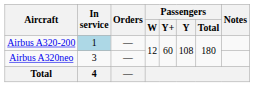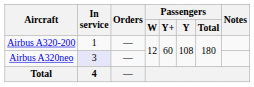 <table class="wikitable" style="margin:0.5em auto; text-align:center">
 <tr>
 <th rowspan=2>Aircraft</th>
 <th rowspan=2>In <br> service</th>
 <th rowspan=2>Orders</th>
 <th colspan=4>Passengers</th>
 <th rowspan=2>Notes</th>
 </tr>
 <tr>
 <th><abbr>W</abbr></th>
 <th><abbr>Y+</abbr></th>
 <th><abbr>Y</abbr></th>
 <th>Total</th>
 </tr>
 <tr>
 <td><a href='#'>Airbus A320-200</a></td>
-<td style="background: lightblue;">1</td>
+<td>1</td>
 <td>—</td>
 <td rowspan=2>12</td>
 <td rowspan=2>60</td>
 <td rowspan=2>108</td>
 <td rowspan=2>180</td>
 <td></td>
 </tr>
 <tr>
 <td><a href='#'>Airbus A320neo</a></td>
-<td>3</td>
+<td style="background: lavender;">3</td>
 <td>—</td>
 <td></td>
 </tr>
 <tr>
 <th>Total</th>
 <th>4</th>
 <th>—</th>
 <th colspan=5></th>
 </tr>
 </table>
